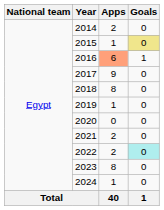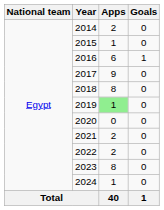 <table class="wikitable" style="text-align:center">
 <tr>
 <th>National team</th>
 <th>Year</th>
 <th>Apps</th>
 <th>Goals</th>
 </tr>
 <tr>
 <td rowspan="11"><a href='#'>Egypt</a></td>
 <td>2014</td>
 <td>2</td>
 <td>0</td>
 </tr>
 <tr>
 <td>2015</td>
 <td>1</td>
-<td style="background: khaki;">0</td>
+<td>0</td>
 </tr>
 <tr>
 <td>2016</td>
-<td style="background: lightsalmon;">6</td>
+<td>6</td>
 <td>1</td>
 </tr>
 <tr>
 <td>2017</td>
 <td>9</td>
 <td>0</td>
 </tr>
 <tr>
 <td>2018</td>
 <td>8</td>
 <td>0</td>
 </tr>
 <tr>
 <td>2019</td>
-<td>1</td>
+<td style="background: lightgreen;">1</td>
 <td>0</td>
 </tr>
 <tr>
 <td>2020</td>
 <td>0</td>
 <td>0</td>
 </tr>
 <tr>
 <td>2021</td>
 <td>2</td>
 <td>0</td>
 </tr>
 <tr>
 <td>2022</td>
 <td>2</td>
-<td style="background: paleturquoise;">0</td>
+<td>0</td>
 </tr>
 <tr>
 <td>2023</td>
 <td>8</td>
 <td>0</td>
 </tr>
 <tr>
 <td>2024</td>
 <td>1</td>
 <td>0</td>
 </tr>
 <tr>
 <th colspan="2">Total</th>
 <th>40</th>
 <th>1</th>
 </tr>
 </table>
